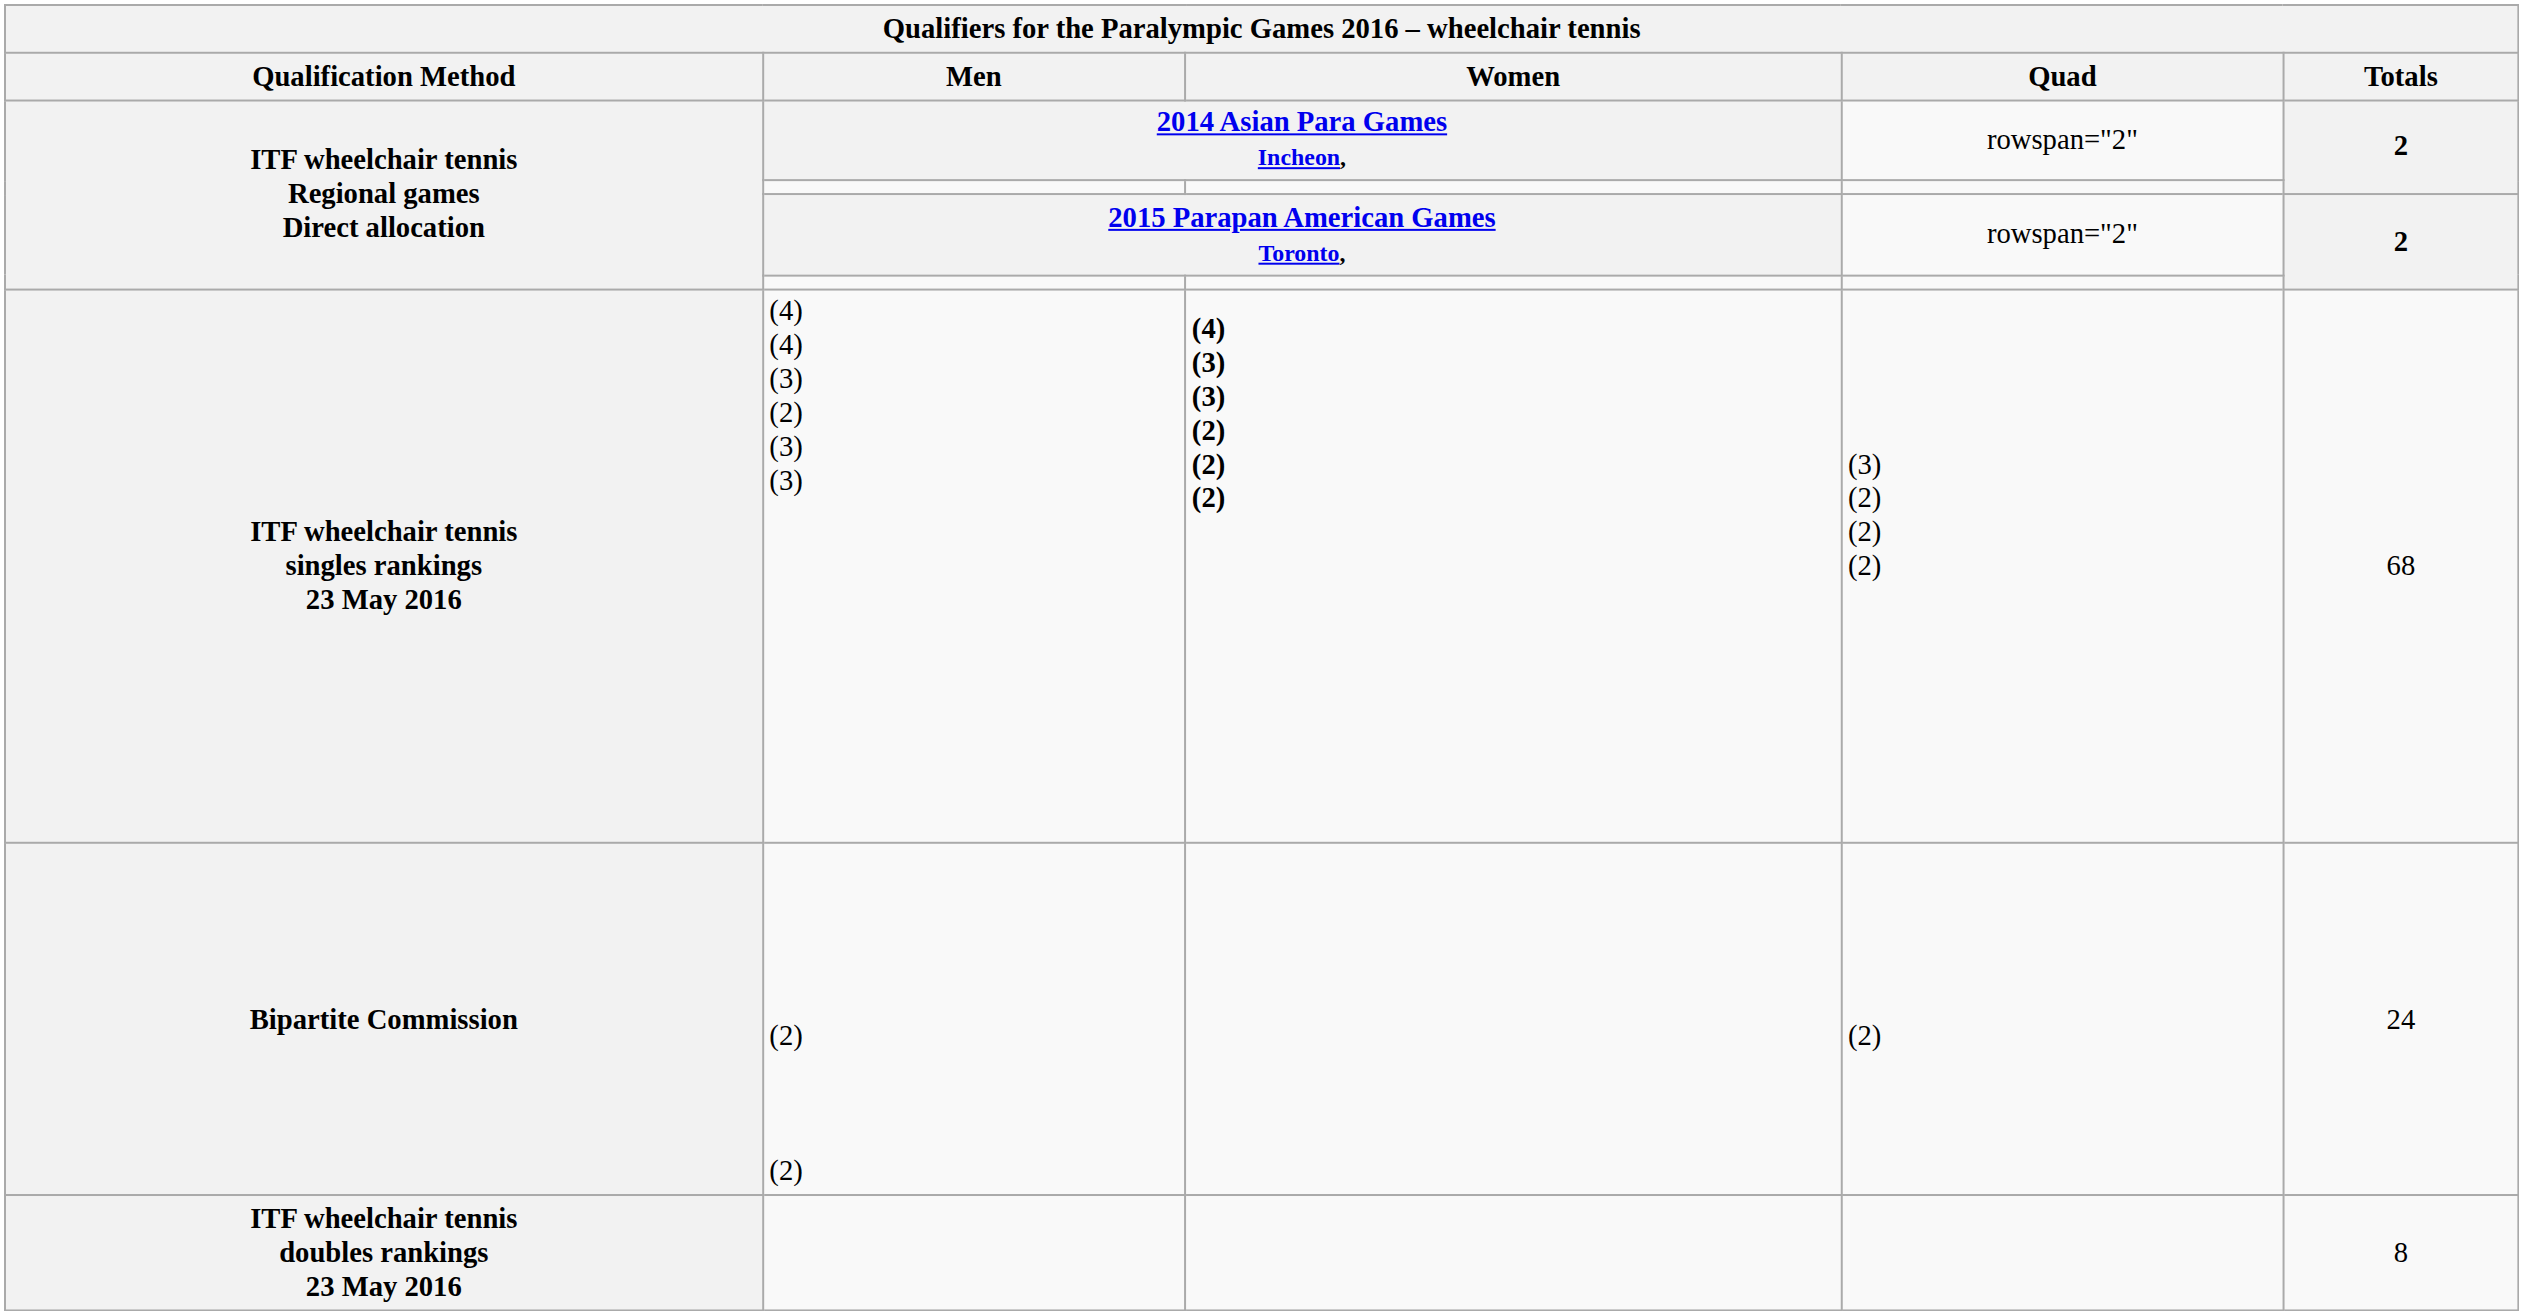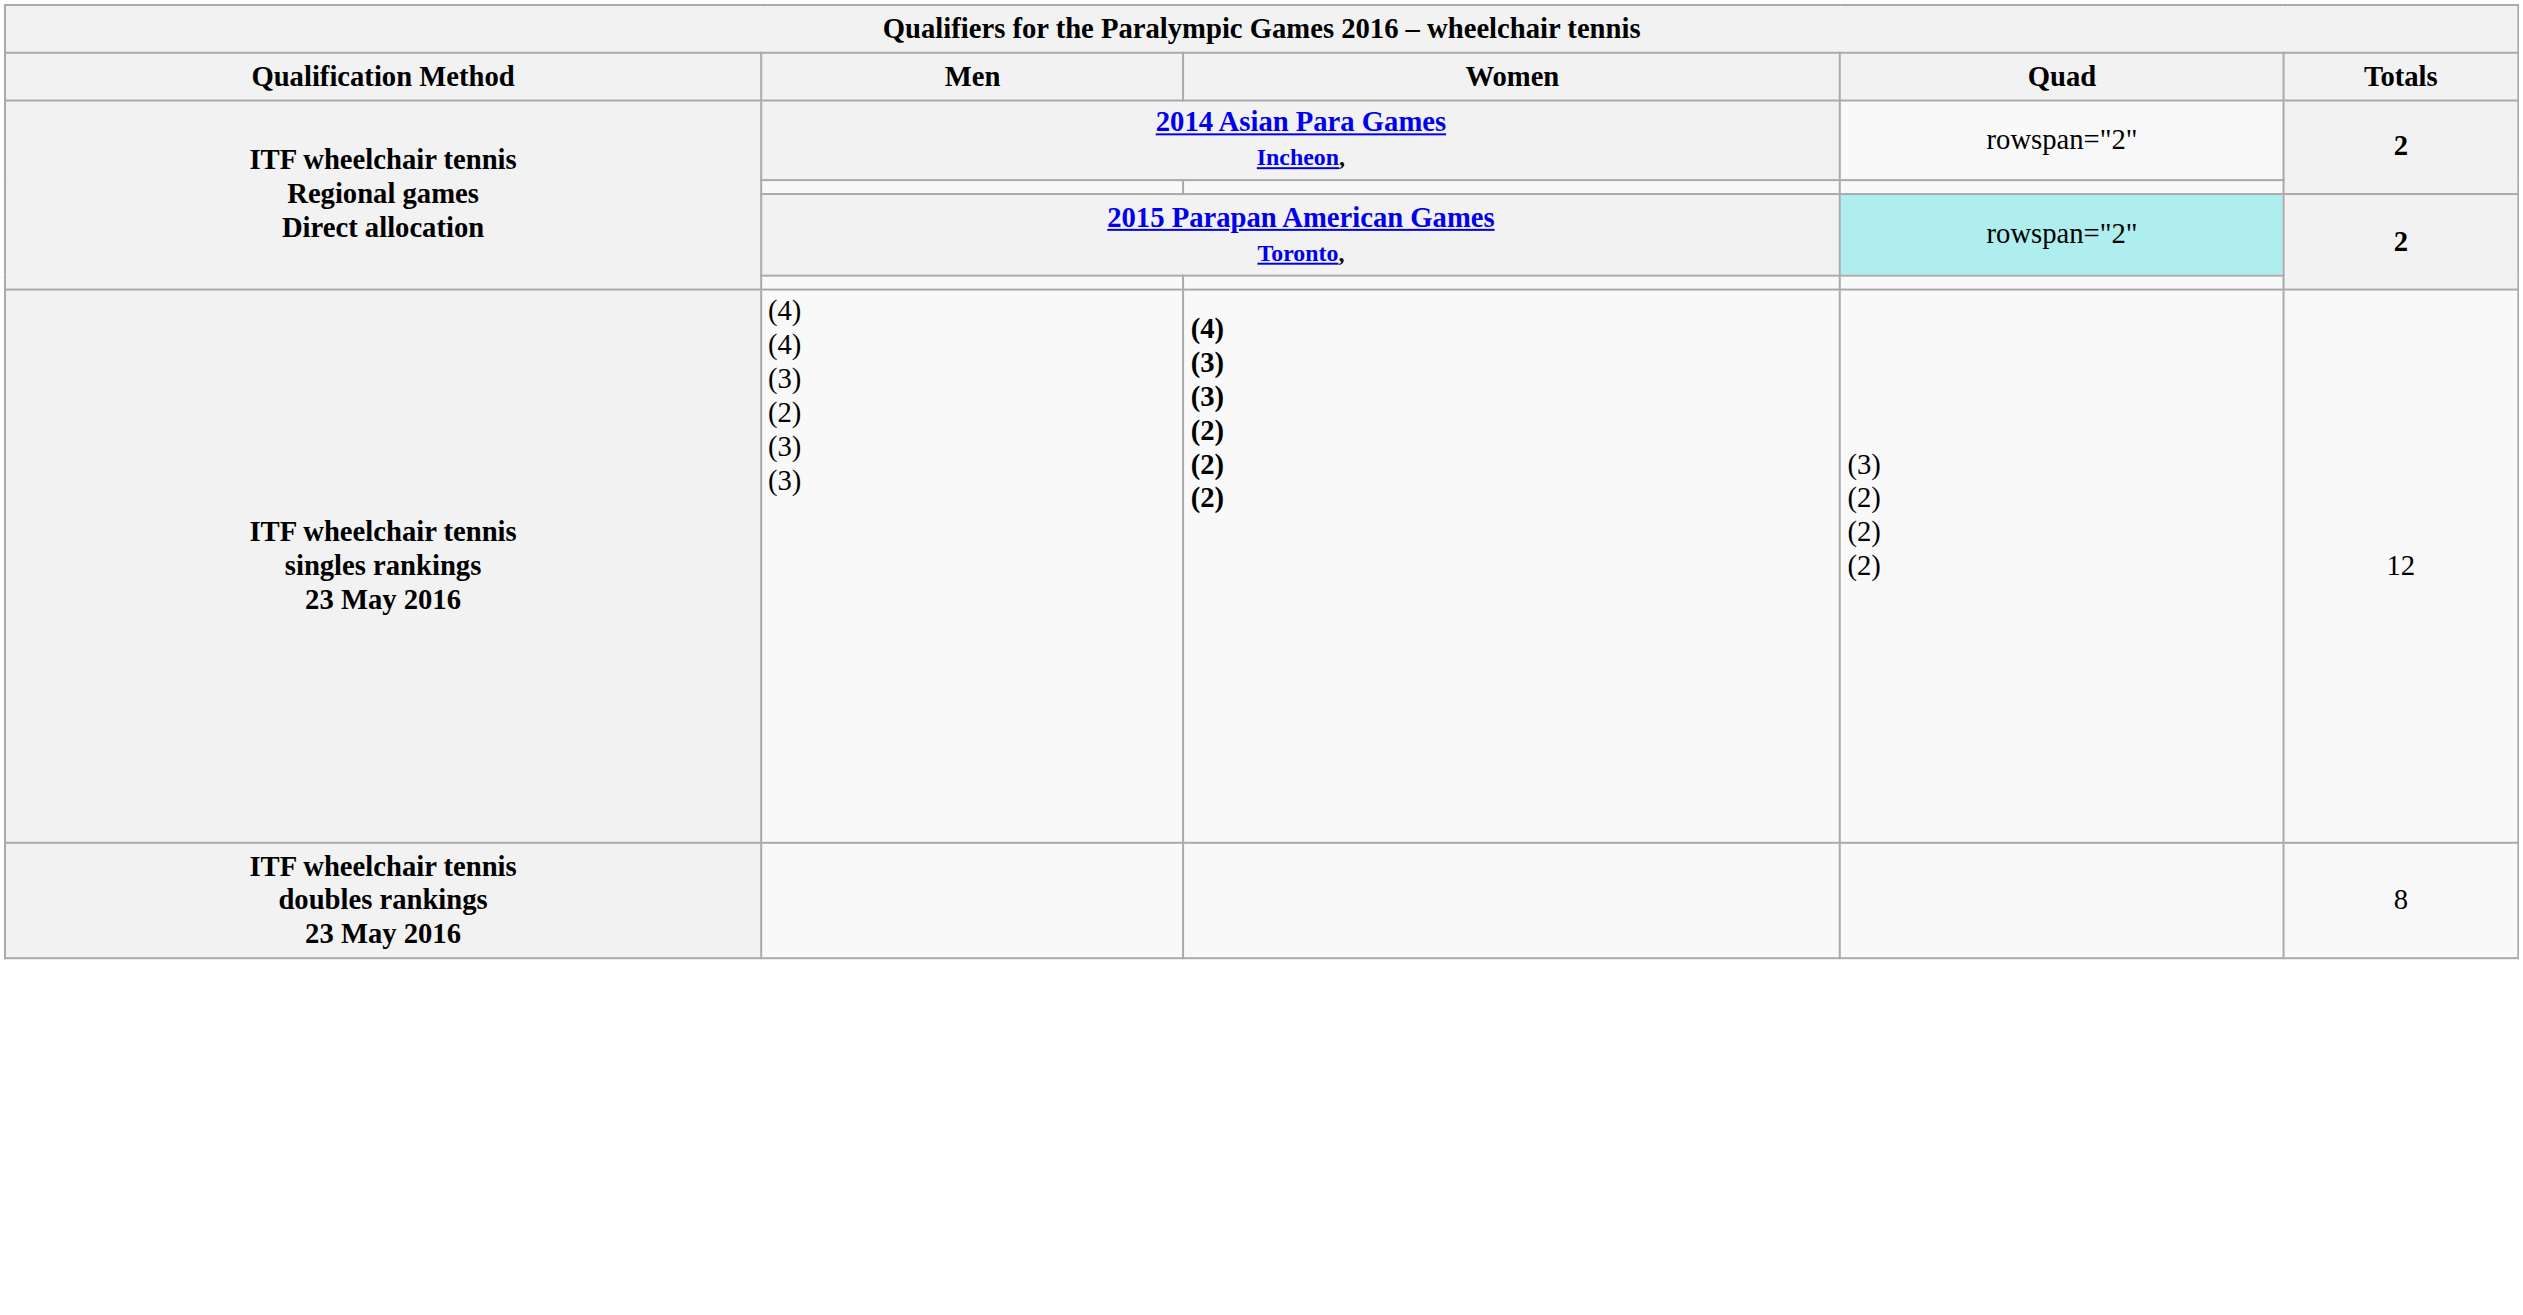 <table class="wikitable"  style="width:100%; text-align:center; font-size:90%;">
 <tr>
 <th colspan="5">Qualifiers for the Paralympic Games 2016 – wheelchair tennis</th>
 </tr>
 <tr>
 <th>Qualification Method</th>
 <th>Men</th>
 <th>Women</th>
 <th>Quad</th>
 <th>Totals</th>
 </tr>
 <tr>
 <th rowspan="4">ITF wheelchair tennis<br> Regional games<br> Direct allocation</th>
 <th colspan="2"><a href='#'>2014 Asian Para Games</a><br><small><a href='#'>Incheon</a>, </small></th>
 <td>rowspan="2" </td>
 <th rowspan="2">2</th>
 </tr>
 <tr>
 <td align="left"></td>
 <td align="left"></td>
 </tr>
 <tr>
 <th colspan="2"><a href='#'>2015 Parapan American Games</a><br><small><a href='#'>Toronto</a>, </small></th>
-<td>rowspan="2" </td>
+<td style="background: paleturquoise;">rowspan="2" </td>
 <th rowspan="2">2</th>
 </tr>
 <tr>
 <td align="left"></td>
 <td align="left"></td>
 </tr>
 <tr>
 <th>ITF wheelchair tennis<br>singles rankings<br>23 May 2016</th>
 <td align="left"> (4) <br> (4) <br> (3)<br> (2)<br> (3)<br> (3)<br><br><br><br><br><br><br><br><br><br><br></td>
 <td align="left"><strong> (4)<br> (3)<br> (3)<br> (2)<br> (2)<br> (2)<br><br><br><br><br><s><br></s><br><br><br><br></strong></td>
 <td align="left"> (3)<br> (2)<br> (2)<br> (2)<br><br><br><br></td>
-<td>68</td>
-</tr>
-<tr>
-<th>Bipartite Commission</th>
-<td align="left"><br><br><br><br><br> (2)<br><br><br><br>(2)</td>
-<td align="left"><br><br><br><br><br><br><br></td>
-<td align="left"><br> (2)<br></td>
-<td>24</td>
+<td>12</td>
 </tr>
 <tr>
 <th>ITF wheelchair tennis<br>doubles rankings<br>23 May 2016</th>
 <td align="left"><br><br><br></td>
 <td></td>
 <td></td>
 <td>8</td>
 </tr>
 </table>
